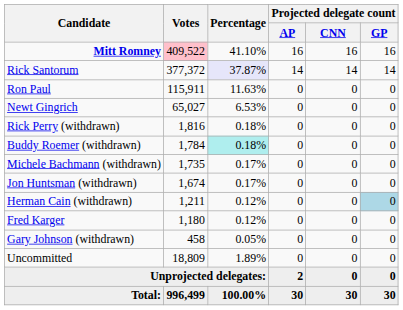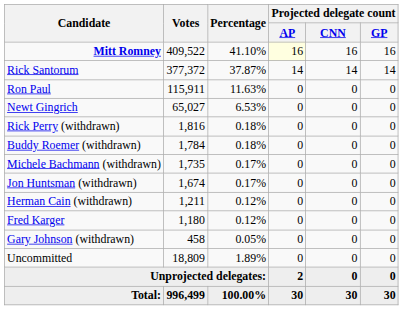 <table class="wikitable" style="text-align:right;">
 <tr>
 <th rowspan="2">Candidate</th>
 <th rowspan="2">Votes</th>
 <th rowspan="2">Percentage</th>
 <th colspan="3">Projected delegate count</th>
 </tr>
 <tr>
 <th><a href='#'>AP</a><br></th>
 <th><a href='#'>CNN</a><br></th>
 <th><a href='#'>GP</a><br></th>
 </tr>
 <tr>
 <td> <strong><a href='#'>Mitt Romney</a></strong></td>
-<td style="background: pink;">409,522</td>
+<td>409,522</td>
 <td>41.10%</td>
-<td>16</td>
+<td style="background: lightyellow;">16</td>
 <td>16</td>
 <td>16</td>
 </tr>
 <tr>
 <td align="left"><a href='#'>Rick Santorum</a></td>
 <td>377,372</td>
-<td style="background: lavender;">37.87%</td>
+<td>37.87%</td>
 <td>14</td>
 <td>14</td>
 <td>14</td>
 </tr>
 <tr>
 <td align="left"><a href='#'>Ron Paul</a></td>
 <td>115,911</td>
 <td>11.63%</td>
 <td>0</td>
 <td>0</td>
 <td>0</td>
 </tr>
 <tr>
 <td align="left"><a href='#'>Newt Gingrich</a></td>
 <td>65,027</td>
 <td>6.53%</td>
 <td>0</td>
 <td>0</td>
 <td>0</td>
 </tr>
 <tr>
 <td align="left"><a href='#'>Rick Perry</a> (withdrawn)</td>
 <td>1,816</td>
 <td>0.18%</td>
 <td>0</td>
 <td>0</td>
 <td>0</td>
 </tr>
 <tr>
 <td align="left"><a href='#'>Buddy Roemer</a> (withdrawn)</td>
 <td>1,784</td>
-<td style="background: paleturquoise;">0.18%</td>
+<td>0.18%</td>
 <td>0</td>
 <td>0</td>
 <td>0</td>
 </tr>
 <tr>
 <td align="left"><a href='#'>Michele Bachmann</a> (withdrawn)</td>
 <td>1,735</td>
 <td>0.17%</td>
 <td>0</td>
 <td>0</td>
 <td>0</td>
 </tr>
 <tr>
 <td align="left"><a href='#'>Jon Huntsman</a> (withdrawn)</td>
 <td>1,674</td>
 <td>0.17%</td>
 <td>0</td>
 <td>0</td>
 <td>0</td>
 </tr>
 <tr>
 <td align="left"><a href='#'>Herman Cain</a> (withdrawn)</td>
 <td>1,211</td>
 <td>0.12%</td>
 <td>0</td>
 <td>0</td>
-<td style="background: lightblue;">0</td>
+<td>0</td>
 </tr>
 <tr>
 <td align="left"><a href='#'>Fred Karger</a></td>
 <td>1,180</td>
 <td>0.12%</td>
 <td>0</td>
 <td>0</td>
 <td>0</td>
 </tr>
 <tr>
 <td align="left"><a href='#'>Gary Johnson</a> (withdrawn)</td>
 <td>458</td>
 <td>0.05%</td>
 <td>0</td>
 <td>0</td>
 <td>0</td>
 </tr>
 <tr>
 <td align="left">Uncommitted</td>
 <td>18,809</td>
 <td>1.89%</td>
 <td>0</td>
 <td>0</td>
 <td>0</td>
 </tr>
 <tr bgcolor="#eeeeee">
 <td colspan="3"><strong>Unprojected delegates:</strong></td>
 <td><strong>2</strong></td>
 <td><strong>0</strong></td>
 <td><strong>0</strong></td>
 </tr>
 <tr bgcolor="#eeeeee">
 <td><strong>Total:</strong></td>
 <td><strong>996,499</strong></td>
 <td><strong>100.00%</strong></td>
 <td><strong>30</strong></td>
 <td><strong>30</strong></td>
 <td><strong>30</strong></td>
 </tr>
 </table>
